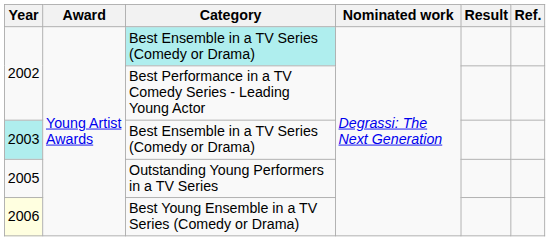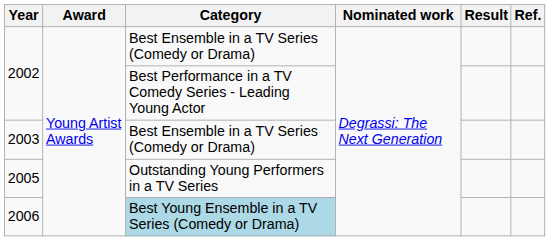 <table class="wikitable">
 <tr>
 <th>Year</th>
 <th>Award</th>
 <th>Category</th>
 <th>Nominated work</th>
 <th>Result</th>
 <th>Ref.</th>
 </tr>
 <tr>
 <td rowspan="2">2002</td>
 <td rowspan="5"><a href='#'>Young Artist Awards</a></td>
-<td style="background: paleturquoise;">Best Ensemble in a TV Series (Comedy or Drama)</td>
+<td>Best Ensemble in a TV Series (Comedy or Drama)</td>
 <td rowspan="5"><em><a href='#'>Degrassi: The Next Generation</a></em></td>
 <td></td>
 <td></td>
 </tr>
 <tr>
 <td>Best Performance in a TV Comedy Series - Leading Young Actor</td>
 <td></td>
 <td></td>
 </tr>
 <tr>
-<td style="background: paleturquoise;">2003</td>
+<td>2003</td>
 <td>Best Ensemble in a TV Series (Comedy or Drama)</td>
 <td></td>
 <td></td>
 </tr>
 <tr>
 <td>2005</td>
 <td>Outstanding Young Performers in a TV Series</td>
 <td></td>
 <td></td>
 </tr>
 <tr>
-<td style="background: lightyellow;">2006</td>
-<td>Best Young Ensemble in a TV Series (Comedy or Drama)</td>
+<td>2006</td>
+<td style="background: lightblue;">Best Young Ensemble in a TV Series (Comedy or Drama)</td>
 <td></td>
 <td></td>
 </tr>
 </table>
